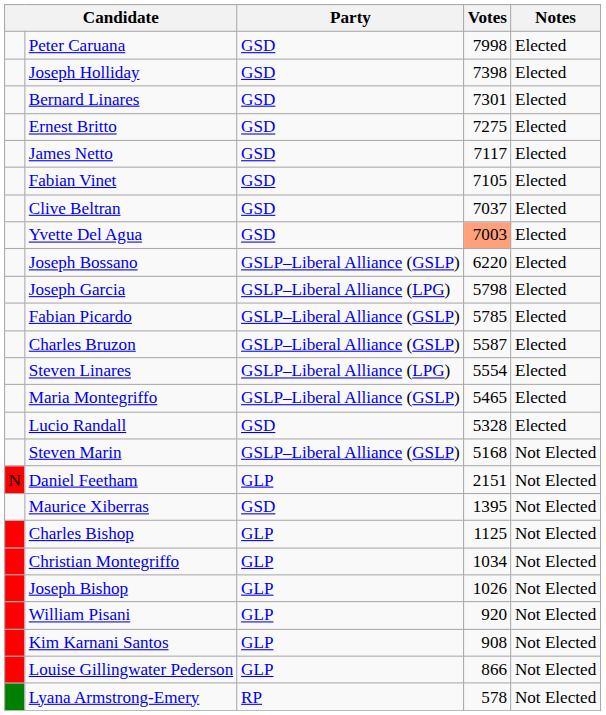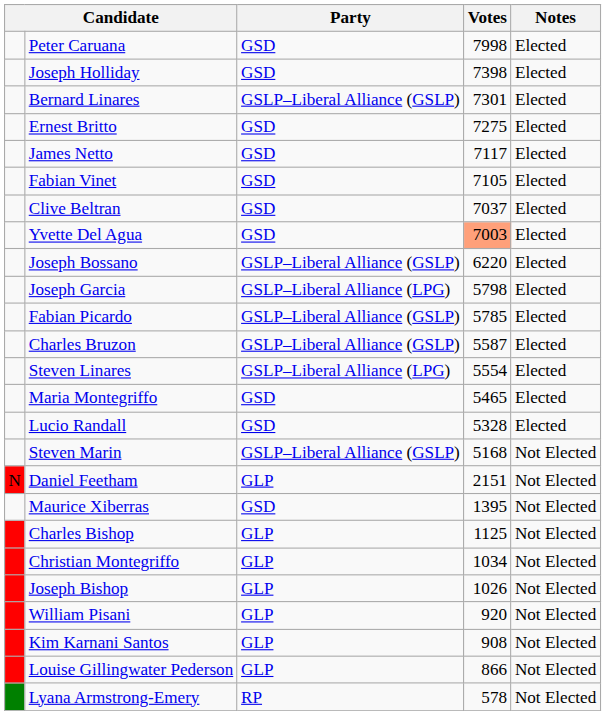 <table class="wikitable sortable">
 <tr>
 <th colspan=2>Candidate</th>
 <th>Party</th>
 <th>Votes</th>
 <th>Notes</th>
 </tr>
 <tr>
 <td style="background-color: "></td>
 <td><a href='#'>Peter Caruana</a></td>
 <td><a href='#'>GSD</a></td>
 <td align="right">7998</td>
 <td>Elected</td>
 </tr>
 <tr>
 <td style="background-color: "></td>
 <td><a href='#'>Joseph Holliday</a></td>
 <td><a href='#'>GSD</a></td>
 <td align="right">7398</td>
 <td>Elected</td>
 </tr>
 <tr>
 <td style="background-color: "></td>
 <td><a href='#'>Bernard Linares</a></td>
-<td><a href='#'>GSD</a></td>
+<td><a href='#'>GSLP–Liberal Alliance</a> (<a href='#'>GSLP</a>)</td>
 <td align="right">7301</td>
 <td>Elected</td>
 </tr>
 <tr>
 <td style="background-color: "></td>
 <td><a href='#'>Ernest Britto</a></td>
 <td><a href='#'>GSD</a></td>
 <td align="right">7275</td>
 <td>Elected</td>
 </tr>
 <tr>
 <td style="background-color: "></td>
 <td><a href='#'>James Netto</a></td>
 <td><a href='#'>GSD</a></td>
 <td align="right">7117</td>
 <td>Elected</td>
 </tr>
 <tr>
 <td style="background-color: "></td>
 <td><a href='#'>Fabian Vinet</a></td>
 <td><a href='#'>GSD</a></td>
 <td align="right">7105</td>
 <td>Elected</td>
 </tr>
 <tr>
 <td style="background-color: "></td>
 <td><a href='#'>Clive Beltran</a></td>
 <td><a href='#'>GSD</a></td>
 <td align="right">7037</td>
 <td>Elected</td>
 </tr>
 <tr>
 <td style="background-color: "></td>
 <td><a href='#'>Yvette Del Agua</a></td>
 <td><a href='#'>GSD</a></td>
 <td align="right" style="background: lightsalmon;">7003</td>
 <td>Elected</td>
 </tr>
 <tr>
 <td style="background-color: "></td>
 <td><a href='#'>Joseph Bossano</a></td>
 <td><a href='#'>GSLP–Liberal Alliance</a> (<a href='#'>GSLP</a>)</td>
 <td align="right">6220</td>
 <td>Elected</td>
 </tr>
 <tr>
 <td style="background-color: "></td>
 <td><a href='#'>Joseph Garcia</a></td>
 <td><a href='#'>GSLP–Liberal Alliance</a> (<a href='#'>LPG</a>)</td>
 <td align="right">5798</td>
 <td>Elected</td>
 </tr>
 <tr>
 <td style="background-color: "></td>
 <td><a href='#'>Fabian Picardo</a></td>
 <td><a href='#'>GSLP–Liberal Alliance</a> (<a href='#'>GSLP</a>)</td>
 <td align="right">5785</td>
 <td>Elected</td>
 </tr>
 <tr>
 <td style="background-color: "></td>
 <td><a href='#'>Charles Bruzon</a></td>
 <td><a href='#'>GSLP–Liberal Alliance</a> (<a href='#'>GSLP</a>)</td>
 <td align="right">5587</td>
 <td>Elected</td>
 </tr>
 <tr>
 <td style="background-color: "></td>
 <td><a href='#'>Steven Linares</a></td>
 <td><a href='#'>GSLP–Liberal Alliance</a> (<a href='#'>LPG</a>)</td>
 <td align="right">5554</td>
 <td>Elected</td>
 </tr>
 <tr>
 <td style="background-color: "></td>
 <td><a href='#'>Maria Montegriffo</a></td>
-<td><a href='#'>GSLP–Liberal Alliance</a> (<a href='#'>GSLP</a>)</td>
+<td><a href='#'>GSD</a></td>
 <td align="right">5465</td>
 <td>Elected</td>
 </tr>
 <tr>
 <td style="background-color: "></td>
 <td><a href='#'>Lucio Randall</a></td>
 <td><a href='#'>GSD</a></td>
 <td align="right">5328</td>
 <td>Elected</td>
 </tr>
 <tr>
 <td style="background-color: "></td>
 <td><a href='#'>Steven Marin</a></td>
 <td><a href='#'>GSLP–Liberal Alliance</a> (<a href='#'>GSLP</a>)</td>
 <td align="right">5168</td>
 <td>Not Elected</td>
 </tr>
 <tr>
 <td style="background-color:#FF0000">N</td>
 <td><a href='#'>Daniel Feetham</a></td>
 <td><a href='#'>GLP</a></td>
 <td align="right">2151</td>
 <td>Not Elected</td>
 </tr>
 <tr>
 <td style="background-color: "></td>
 <td><a href='#'>Maurice Xiberras</a></td>
 <td><a href='#'>GSD</a></td>
 <td align="right">1395</td>
 <td>Not Elected</td>
 </tr>
 <tr>
 <td style="background-color:#FF0000"></td>
 <td><a href='#'>Charles Bishop</a></td>
 <td><a href='#'>GLP</a></td>
 <td align="right">1125</td>
 <td>Not Elected</td>
 </tr>
 <tr>
 <td style="background-color:#FF0000"></td>
 <td><a href='#'>Christian Montegriffo</a></td>
 <td><a href='#'>GLP</a></td>
 <td align="right">1034</td>
 <td>Not Elected</td>
 </tr>
 <tr>
 <td style="background-color:#FF0000"></td>
 <td><a href='#'>Joseph Bishop</a></td>
 <td><a href='#'>GLP</a></td>
 <td align="right">1026</td>
 <td>Not Elected</td>
 </tr>
 <tr>
 <td style="background-color: #FF0000"></td>
 <td><a href='#'>William Pisani</a></td>
 <td><a href='#'>GLP</a></td>
 <td align="right">920</td>
 <td>Not Elected</td>
 </tr>
 <tr>
 <td style="background-color:#FF0000"></td>
 <td><a href='#'>Kim Karnani Santos</a></td>
 <td><a href='#'>GLP</a></td>
 <td align="right">908</td>
 <td>Not Elected</td>
 </tr>
 <tr>
 <td style="background-color:#FF0000"></td>
 <td><a href='#'>Louise Gillingwater Pederson</a></td>
 <td><a href='#'>GLP</a></td>
 <td align="right">866</td>
 <td>Not Elected</td>
 </tr>
 <tr>
 <td style="background-color:green"></td>
 <td><a href='#'>Lyana Armstrong-Emery</a></td>
 <td><a href='#'>RP</a></td>
 <td align="right">578</td>
 <td>Not Elected</td>
 </tr>
 </table>
